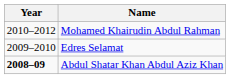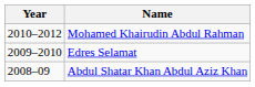 <table class="wikitable">
 <tr>
 <th>Year</th>
 <th>Name</th>
 </tr>
 <tr>
 <td>2010–2012</td>
 <td> <a href='#'>Mohamed Khairudin Abdul Rahman</a></td>
 </tr>
 <tr>
 <td>2009–2010</td>
 <td> <a href='#'>Edres Selamat</a></td>
 </tr>
 <tr>
-<td><strong>2008–09</strong></td>
+<td>2008–09</td>
 <td> <a href='#'>Abdul Shatar Khan Abdul Aziz Khan</a></td>
 </tr>
 </table>
